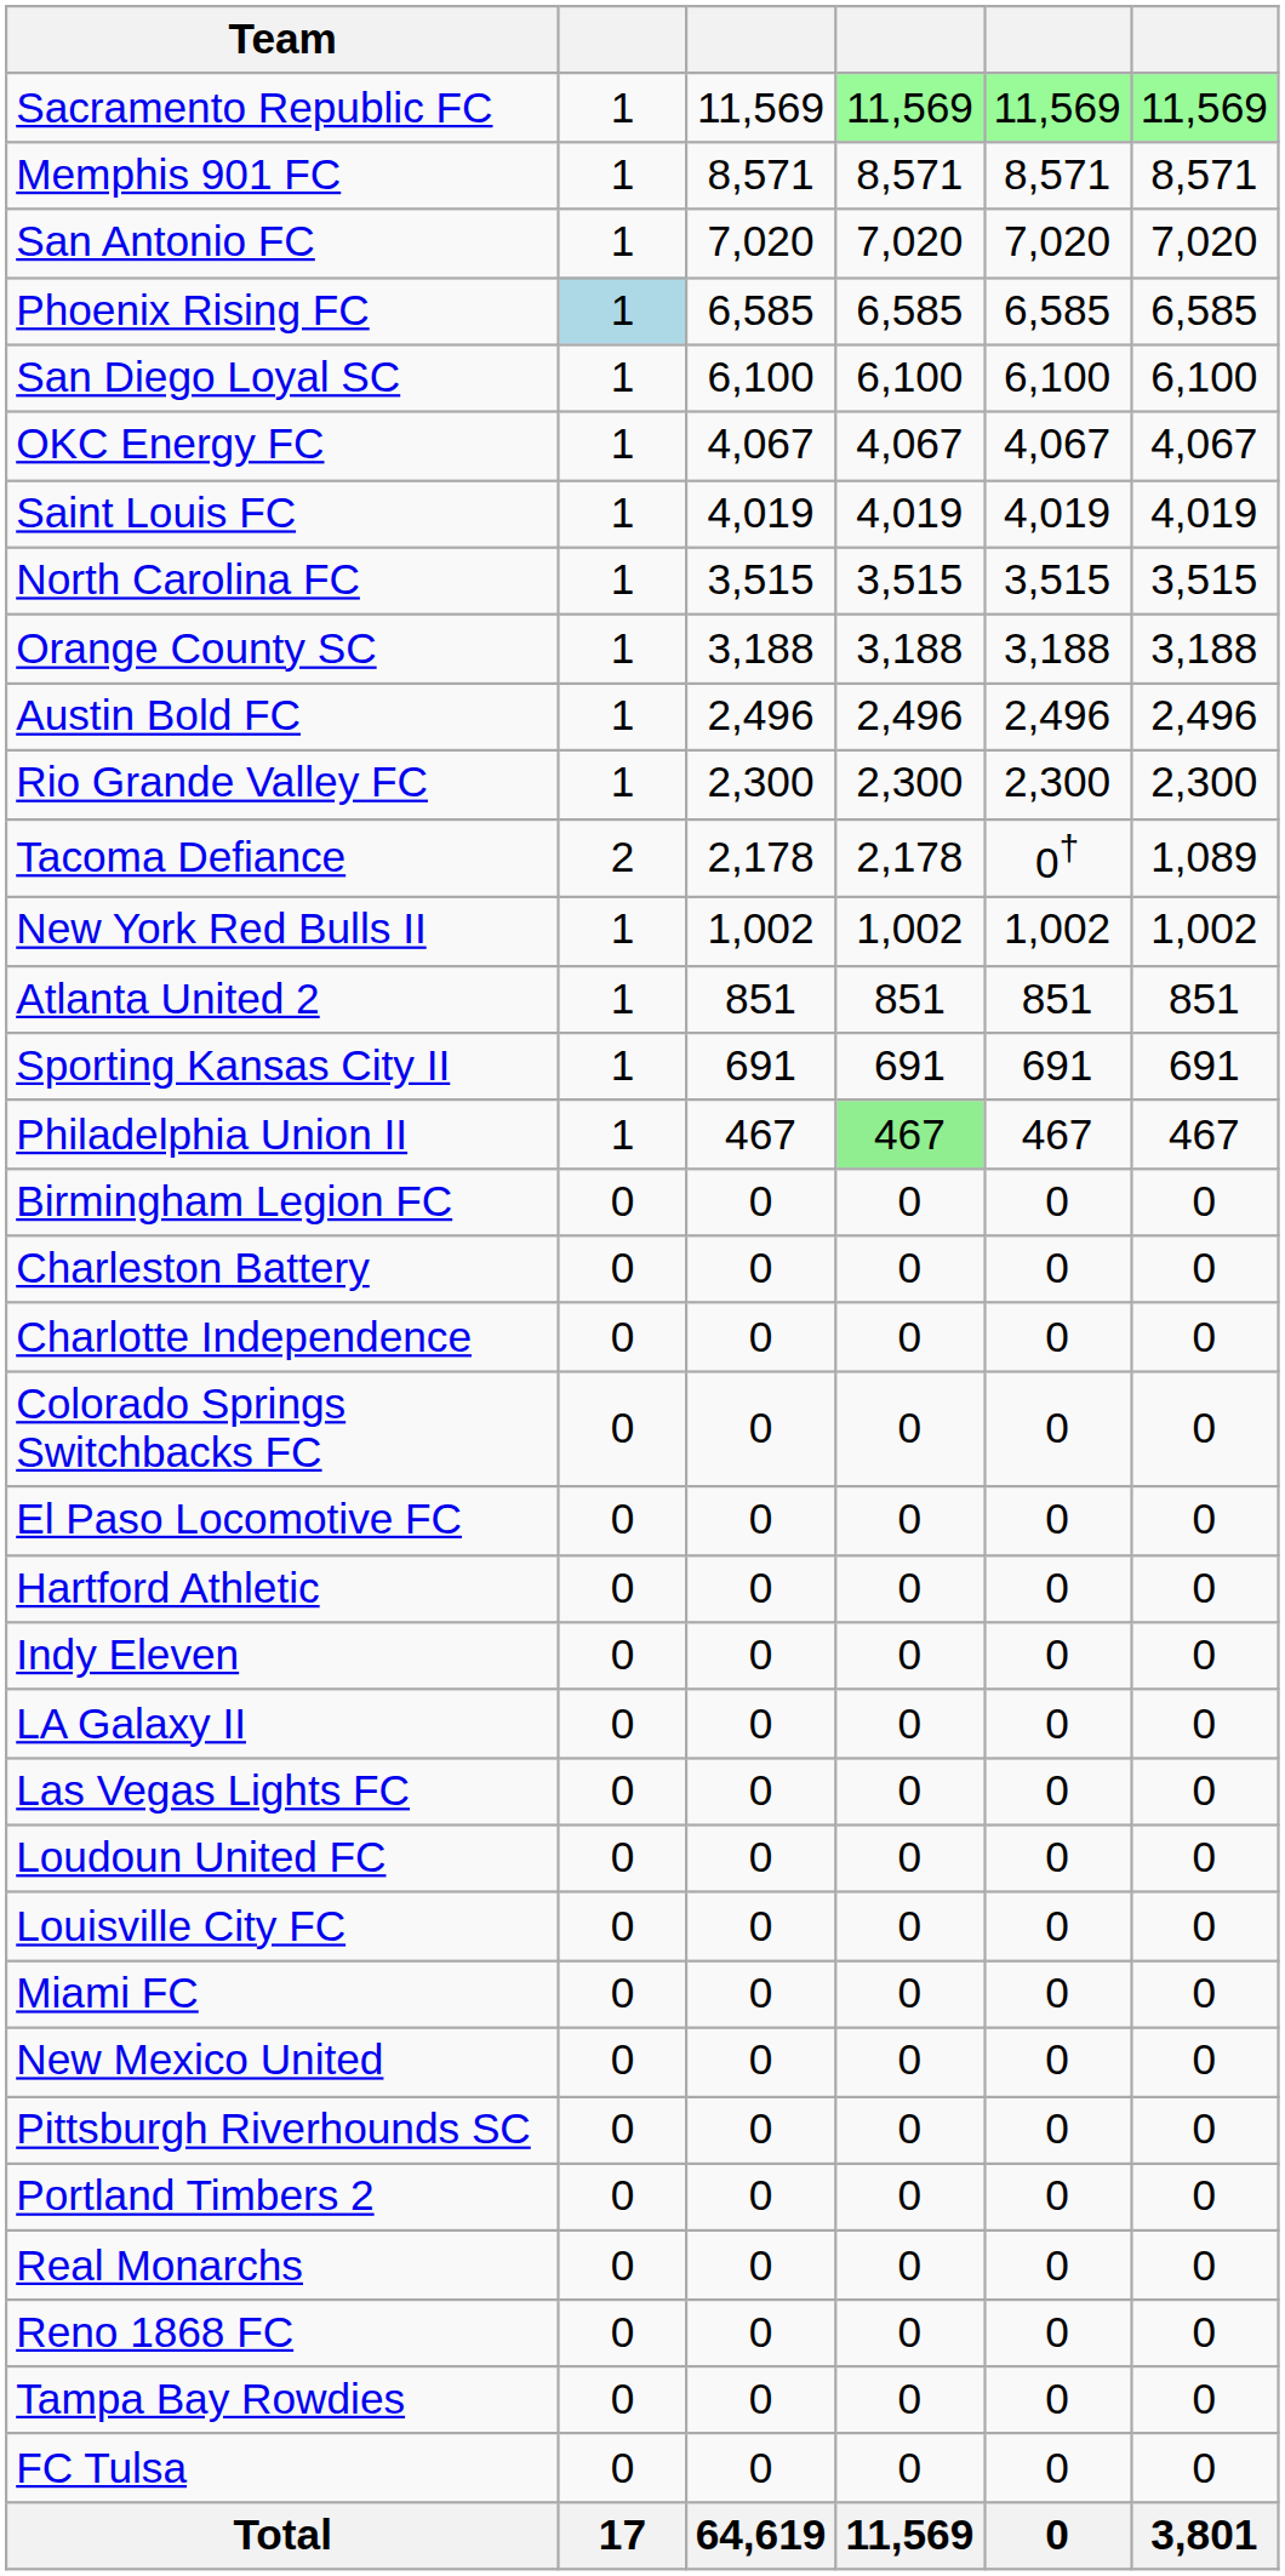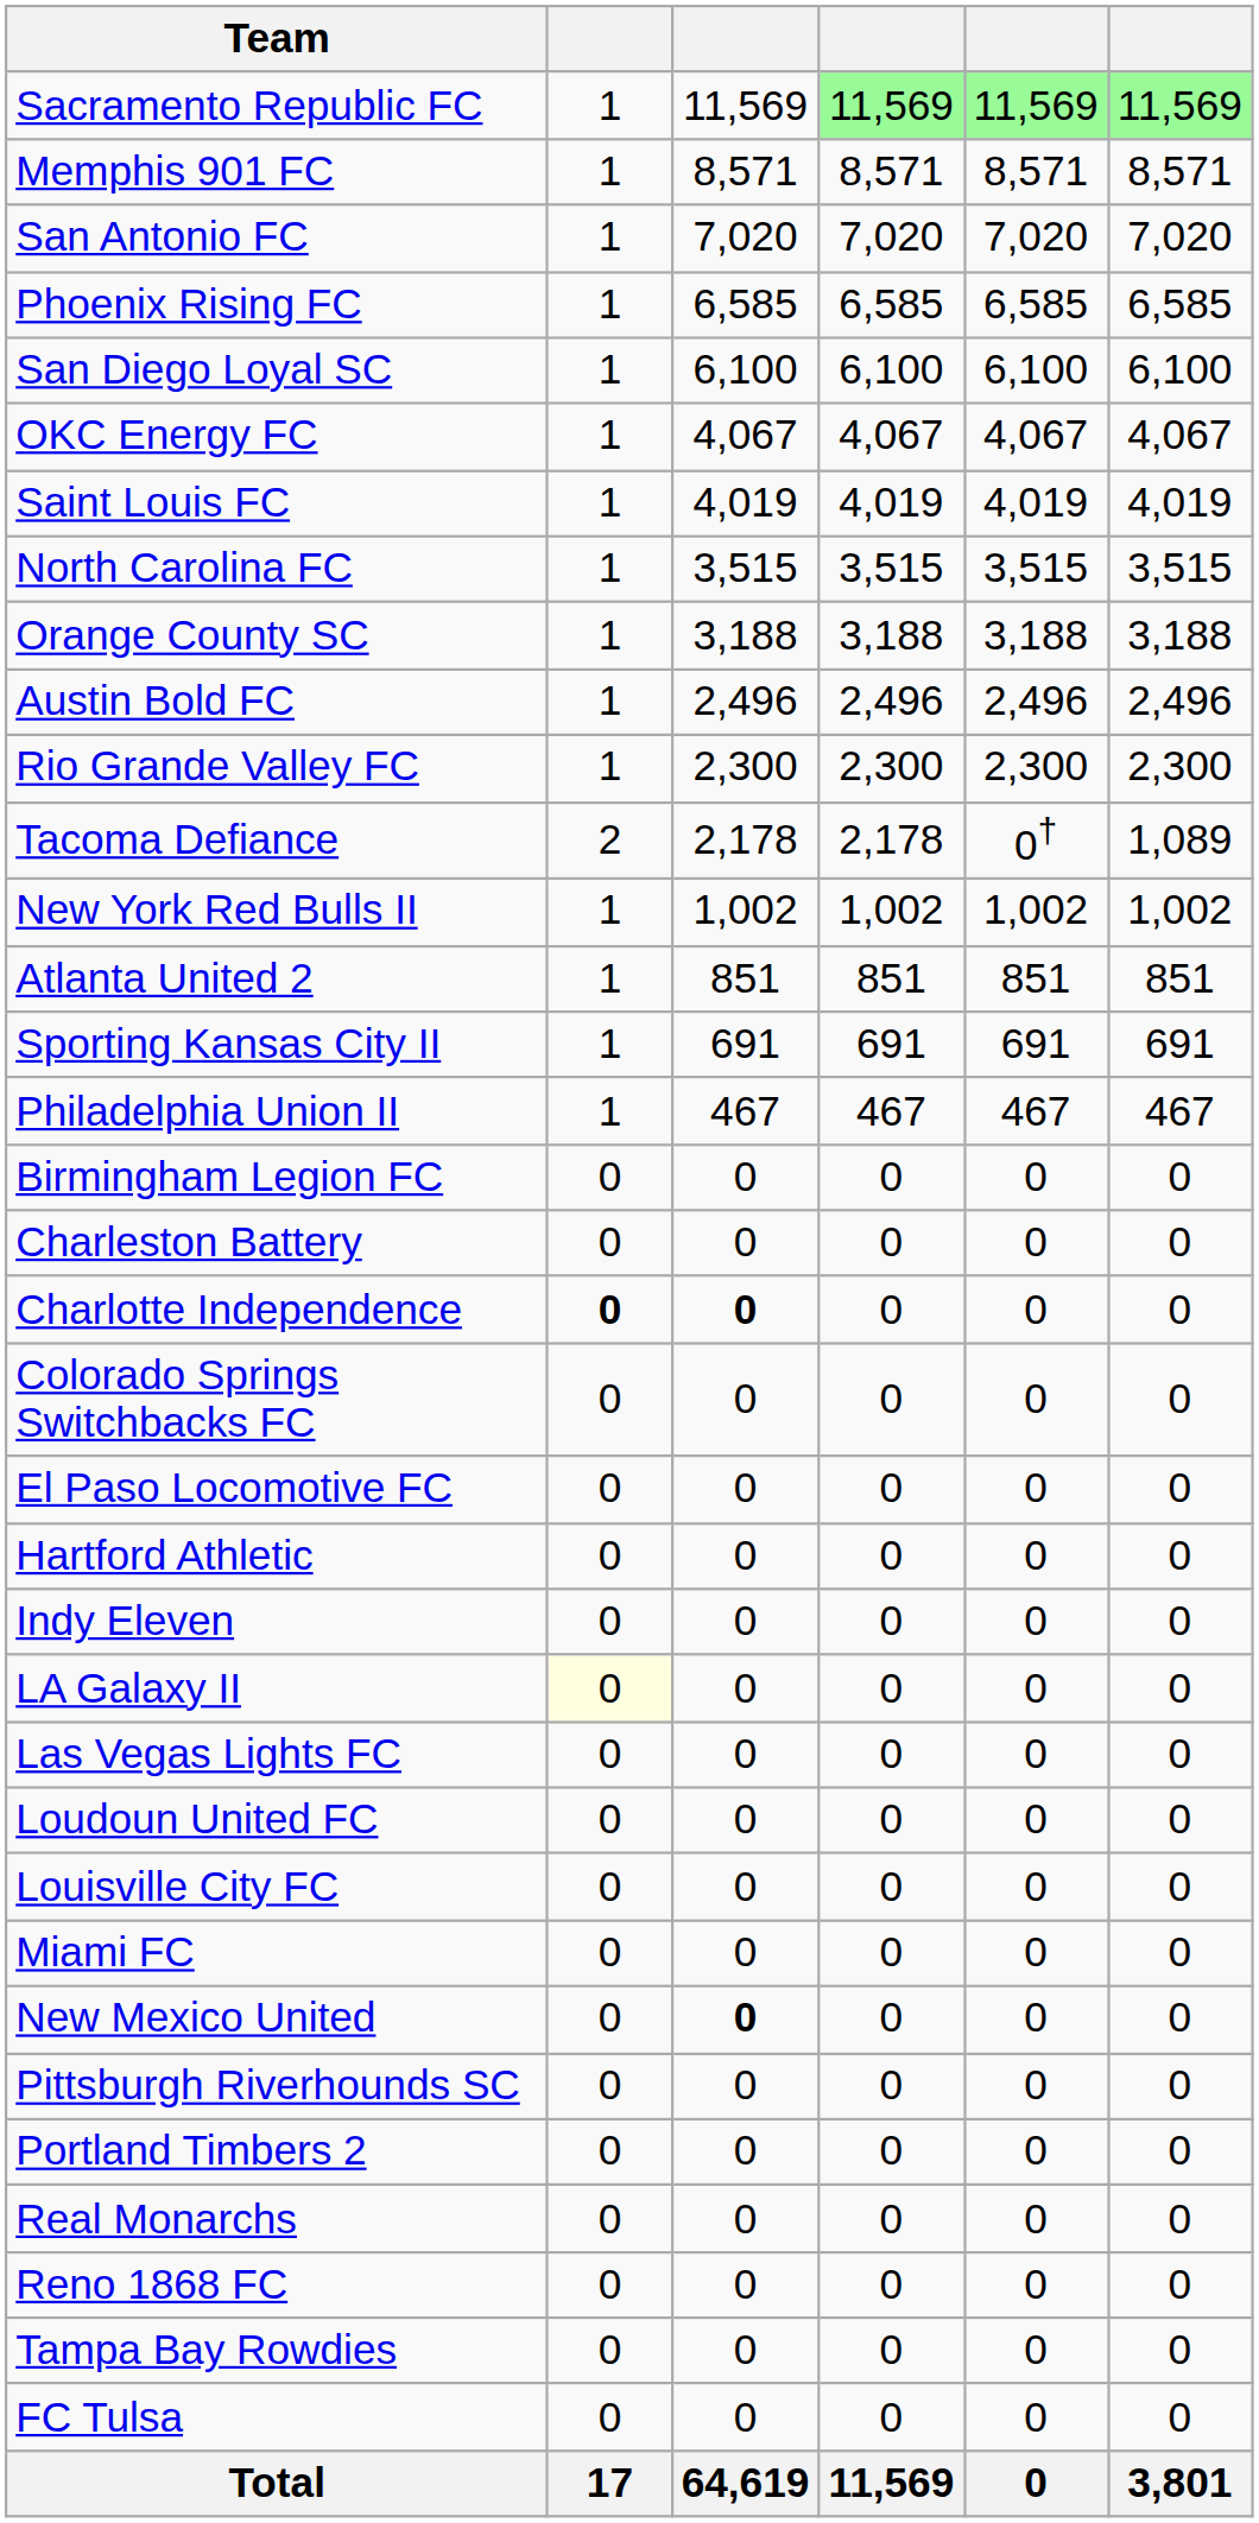 <table class="wikitable sortable">
 <tr>
 <th width=200>Team</th>
 <th width=40></th>
 <th width=40></th>
 <th width=40></th>
 <th width=40></th>
 <th width=40></th>
 </tr>
 <tr align=center>
 <td align=left><a href='#'>Sacramento Republic FC</a></td>
 <td>1</td>
 <td>11,569</td>
 <td bgcolor="#98fb98">11,569</td>
 <td bgcolor="#98fb98">11,569</td>
 <td bgcolor="#98fb98">11,569</td>
 </tr>
 <tr align=center>
 <td align=left><a href='#'>Memphis 901 FC</a></td>
 <td>1</td>
 <td>8,571</td>
 <td>8,571</td>
 <td>8,571</td>
 <td>8,571</td>
 </tr>
 <tr align=center>
 <td align=left><a href='#'>San Antonio FC</a></td>
 <td>1</td>
 <td>7,020</td>
 <td>7,020</td>
 <td>7,020</td>
 <td>7,020</td>
 </tr>
 <tr align=center>
 <td align=left><a href='#'>Phoenix Rising FC</a></td>
-<td style="background: lightblue;">1</td>
+<td>1</td>
 <td>6,585</td>
 <td>6,585</td>
 <td>6,585</td>
 <td>6,585</td>
 </tr>
 <tr align=center>
 <td align=left><a href='#'>San Diego Loyal SC</a></td>
 <td>1</td>
 <td>6,100</td>
 <td>6,100</td>
 <td>6,100</td>
 <td>6,100</td>
 </tr>
 <tr align=center>
 <td align=left><a href='#'>OKC Energy FC</a></td>
 <td>1</td>
 <td>4,067</td>
 <td>4,067</td>
 <td>4,067</td>
 <td>4,067</td>
 </tr>
 <tr align=center>
 <td align=left><a href='#'>Saint Louis FC</a></td>
 <td>1</td>
 <td>4,019</td>
 <td>4,019</td>
 <td>4,019</td>
 <td>4,019</td>
 </tr>
 <tr align=center>
 <td align=left><a href='#'>North Carolina FC</a></td>
 <td>1</td>
 <td>3,515</td>
 <td>3,515</td>
 <td>3,515</td>
 <td>3,515</td>
 </tr>
 <tr align=center>
 <td align=left><a href='#'>Orange County SC</a></td>
 <td>1</td>
 <td>3,188</td>
 <td>3,188</td>
 <td>3,188</td>
 <td>3,188</td>
 </tr>
 <tr align=center>
 <td align=left><a href='#'>Austin Bold FC</a></td>
 <td>1</td>
 <td>2,496</td>
 <td>2,496</td>
 <td>2,496</td>
 <td>2,496</td>
 </tr>
 <tr align=center>
 <td align=left><a href='#'>Rio Grande Valley FC</a></td>
 <td>1</td>
 <td>2,300</td>
 <td>2,300</td>
 <td>2,300</td>
 <td>2,300</td>
 </tr>
 <tr align=center>
 <td align=left><a href='#'>Tacoma Defiance</a></td>
 <td>2</td>
 <td>2,178</td>
 <td>2,178</td>
 <td>0<sup>†</sup></td>
 <td>1,089</td>
 </tr>
 <tr align=center>
 <td align=left><a href='#'>New York Red Bulls II</a></td>
 <td>1</td>
 <td>1,002</td>
 <td>1,002</td>
 <td>1,002</td>
 <td>1,002</td>
 </tr>
 <tr align=center>
 <td align=left><a href='#'>Atlanta United 2</a></td>
 <td>1</td>
 <td>851</td>
 <td>851</td>
 <td>851</td>
 <td>851</td>
 </tr>
 <tr align=center>
 <td align=left><a href='#'>Sporting Kansas City II</a></td>
 <td>1</td>
 <td>691</td>
 <td>691</td>
 <td>691</td>
 <td>691</td>
 </tr>
 <tr align=center>
 <td align=left><a href='#'>Philadelphia Union II</a></td>
 <td>1</td>
 <td>467</td>
-<td style="background: lightgreen;">467</td>
+<td>467</td>
 <td>467</td>
 <td>467</td>
 </tr>
 <tr align=center>
 <td align=left><a href='#'>Birmingham Legion FC</a></td>
 <td>0</td>
 <td>0</td>
 <td>0</td>
 <td>0</td>
 <td>0</td>
 </tr>
 <tr align=center>
 <td align=left><a href='#'>Charleston Battery</a></td>
 <td>0</td>
 <td>0</td>
 <td>0</td>
 <td>0</td>
 <td>0</td>
 </tr>
 <tr align=center>
 <td align=left><a href='#'>Charlotte Independence</a></td>
-<td>0</td>
-<td>0</td>
+<td><strong>0</strong></td>
+<td><strong>0</strong></td>
 <td>0</td>
 <td>0</td>
 <td>0</td>
 </tr>
 <tr align=center>
 <td align=left><a href='#'>Colorado Springs Switchbacks FC</a></td>
 <td>0</td>
 <td>0</td>
 <td>0</td>
 <td>0</td>
 <td>0</td>
 </tr>
 <tr align=center>
 <td align=left><a href='#'>El Paso Locomotive FC</a></td>
 <td>0</td>
 <td>0</td>
 <td>0</td>
 <td>0</td>
 <td>0</td>
 </tr>
 <tr align=center>
 <td align=left><a href='#'>Hartford Athletic</a></td>
 <td>0</td>
 <td>0</td>
 <td>0</td>
 <td>0</td>
 <td>0</td>
 </tr>
 <tr align=center>
 <td align=left><a href='#'>Indy Eleven</a></td>
 <td>0</td>
 <td>0</td>
 <td>0</td>
 <td>0</td>
 <td>0</td>
 </tr>
 <tr align=center>
 <td align=left><a href='#'>LA Galaxy II</a></td>
-<td>0</td>
+<td style="background: lightyellow;">0</td>
 <td>0</td>
 <td>0</td>
 <td>0</td>
 <td>0</td>
 </tr>
 <tr align=center>
 <td align=left><a href='#'>Las Vegas Lights FC</a></td>
 <td>0</td>
 <td>0</td>
 <td>0</td>
 <td>0</td>
 <td>0</td>
 </tr>
 <tr align=center>
 <td align=left><a href='#'>Loudoun United FC</a></td>
 <td>0</td>
 <td>0</td>
 <td>0</td>
 <td>0</td>
 <td>0</td>
 </tr>
 <tr align=center>
 <td align=left><a href='#'>Louisville City FC</a></td>
 <td>0</td>
 <td>0</td>
 <td>0</td>
 <td>0</td>
 <td>0</td>
 </tr>
 <tr align=center>
 <td align=left><a href='#'>Miami FC</a></td>
 <td>0</td>
 <td>0</td>
 <td>0</td>
 <td>0</td>
 <td>0</td>
 </tr>
 <tr align=center>
 <td align=left><a href='#'>New Mexico United</a></td>
 <td>0</td>
-<td>0</td>
+<td><strong>0</strong></td>
 <td>0</td>
 <td>0</td>
 <td>0</td>
 </tr>
 <tr align=center>
 <td align=left><a href='#'>Pittsburgh Riverhounds SC</a></td>
 <td>0</td>
 <td>0</td>
 <td>0</td>
 <td>0</td>
 <td>0</td>
 </tr>
 <tr align=center>
 <td align=left><a href='#'>Portland Timbers 2</a></td>
 <td>0</td>
 <td>0</td>
 <td>0</td>
 <td>0</td>
 <td>0</td>
 </tr>
 <tr align=center>
 <td align=left><a href='#'>Real Monarchs</a></td>
 <td>0</td>
 <td>0</td>
 <td>0</td>
 <td>0</td>
 <td>0</td>
 </tr>
 <tr align=center>
 <td align=left><a href='#'>Reno 1868 FC</a></td>
 <td>0</td>
 <td>0</td>
 <td>0</td>
 <td>0</td>
 <td>0</td>
 </tr>
 <tr align=center>
 <td align=left><a href='#'>Tampa Bay Rowdies</a></td>
 <td>0</td>
 <td>0</td>
 <td>0</td>
 <td>0</td>
 <td>0</td>
 </tr>
 <tr align=center>
 <td align=left><a href='#'>FC Tulsa</a></td>
 <td>0</td>
 <td>0</td>
 <td>0</td>
 <td>0</td>
 <td>0</td>
 </tr>
 <tr align=center>
 <th align=left>Total</th>
 <th>17</th>
 <th>64,619</th>
 <th>11,569</th>
 <th>0</th>
 <th>3,801</th>
 </tr>
 </table>
